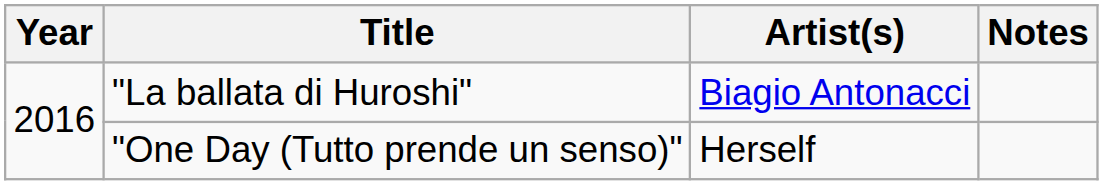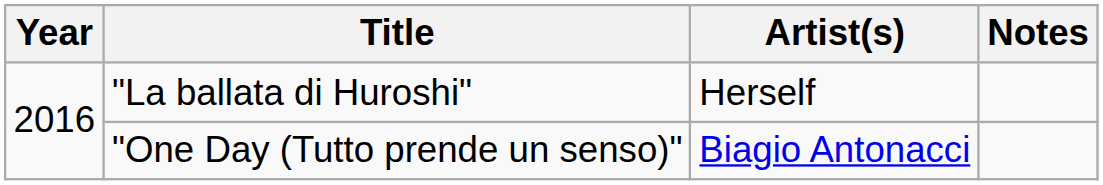 <table class="wikitable plainrowheaders sortable">
 <tr>
 <th scope="col">Year</th>
 <th scope="col">Title</th>
 <th scope="col">Artist(s)</th>
 <th scope="col" class="unsortable">Notes</th>
 </tr>
 <tr>
 <td rowspan="2">2016</td>
 <td>"La ballata di Huroshi"</td>
-<td><a href='#'>Biagio Antonacci</a></td>
+<td>Herself</td>
 <td></td>
 </tr>
 <tr>
 <td>"One Day (Tutto prende un senso)"</td>
-<td>Herself</td>
+<td><a href='#'>Biagio Antonacci</a></td>
 <td></td>
 </tr>
 </table>
